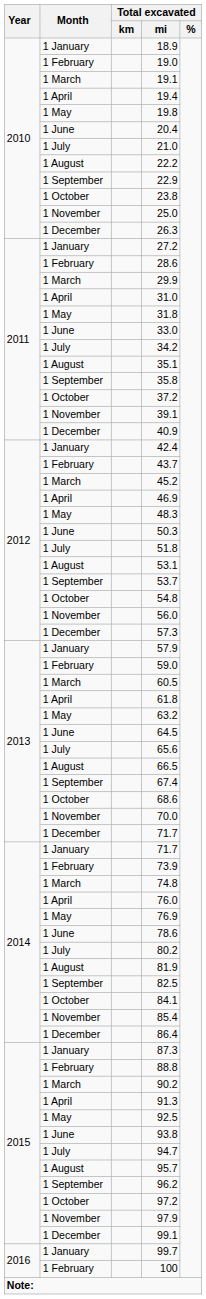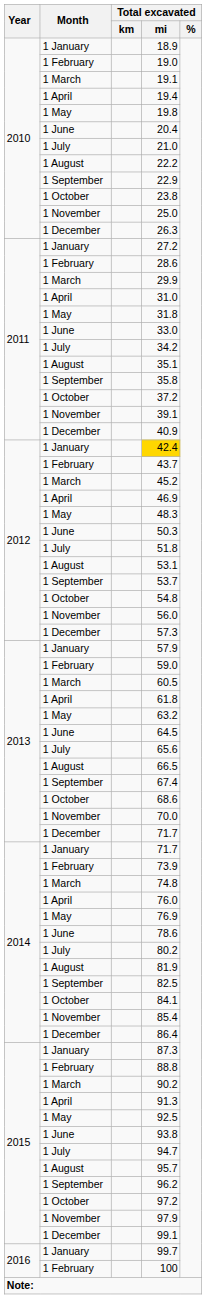 <table class="wikitable collapsible collapsed" style="min-width:300px">
 <tr>
 <th rowspan=2>Year  </th>
 <th rowspan=2>Month  </th>
 <th colspan=3>Total excavated</th>
 </tr>
 <tr>
 <th>km</th>
 <th>mi</th>
 <th>%</th>
 </tr>
 <tr>
 <td rowspan="12">2010</td>
 <td>1 January</td>
 <td></td>
 <td align="right">18.9</td>
 </tr>
 <tr>
 <td>1 February</td>
 <td></td>
 <td align="right">19.0</td>
 </tr>
 <tr>
 <td>1 March</td>
 <td></td>
 <td align="right">19.1</td>
 </tr>
 <tr>
 <td>1 April</td>
 <td></td>
 <td align="right">19.4</td>
 </tr>
 <tr>
 <td>1 May</td>
 <td></td>
 <td align="right">19.8</td>
 </tr>
 <tr>
 <td>1 June</td>
 <td></td>
 <td align="right">20.4</td>
 </tr>
 <tr>
 <td>1 July</td>
 <td></td>
 <td align="right">21.0</td>
 </tr>
 <tr>
 <td>1 August</td>
 <td></td>
 <td align="right">22.2</td>
 </tr>
 <tr>
 <td>1 September</td>
 <td></td>
 <td align="right">22.9</td>
 </tr>
 <tr>
 <td>1 October</td>
 <td></td>
 <td align="right">23.8</td>
 </tr>
 <tr>
 <td>1 November</td>
 <td></td>
 <td align="right">25.0</td>
 </tr>
 <tr>
 <td>1 December</td>
 <td></td>
 <td align="right">26.3</td>
 </tr>
 <tr>
 <td rowspan="12">2011</td>
 <td>1 January</td>
 <td></td>
 <td align="right">27.2</td>
 </tr>
 <tr>
 <td>1 February</td>
 <td></td>
 <td align="right">28.6</td>
 </tr>
 <tr>
 <td>1 March</td>
 <td></td>
 <td align="right">29.9</td>
 </tr>
 <tr>
 <td>1 April</td>
 <td></td>
 <td align="right">31.0</td>
 </tr>
 <tr>
 <td>1 May</td>
 <td></td>
 <td align="right">31.8</td>
 </tr>
 <tr>
 <td>1 June</td>
 <td></td>
 <td align="right">33.0</td>
 </tr>
 <tr>
 <td>1 July</td>
 <td></td>
 <td align="right">34.2</td>
 </tr>
 <tr>
 <td>1 August</td>
 <td></td>
 <td align="right">35.1</td>
 </tr>
 <tr>
 <td>1 September</td>
 <td></td>
 <td align="right">35.8</td>
 </tr>
 <tr>
 <td>1 October</td>
 <td></td>
 <td align="right">37.2</td>
 </tr>
 <tr>
 <td>1 November</td>
 <td></td>
 <td align="right">39.1</td>
 </tr>
 <tr>
 <td>1 December</td>
 <td></td>
 <td align="right">40.9</td>
 </tr>
 <tr>
 <td rowspan="12">2012</td>
 <td>1 January</td>
 <td></td>
-<td align="right">42.4</td>
+<td align="right" style="background: gold;">42.4</td>
 </tr>
 <tr>
 <td>1 February</td>
 <td></td>
 <td align="right">43.7</td>
 </tr>
 <tr>
 <td>1 March</td>
 <td></td>
 <td align="right">45.2</td>
 </tr>
 <tr>
 <td>1 April</td>
 <td></td>
 <td align="right">46.9</td>
 </tr>
 <tr>
 <td>1 May</td>
 <td></td>
 <td align="right">48.3</td>
 </tr>
 <tr>
 <td>1 June</td>
 <td></td>
 <td align="right">50.3</td>
 </tr>
 <tr>
 <td>1 July</td>
 <td></td>
 <td align="right">51.8</td>
 </tr>
 <tr>
 <td>1 August</td>
 <td></td>
 <td align="right">53.1</td>
 </tr>
 <tr>
 <td>1 September</td>
 <td></td>
 <td align="right">53.7</td>
 </tr>
 <tr>
 <td>1 October</td>
 <td></td>
 <td align="right">54.8</td>
 </tr>
 <tr>
 <td>1 November</td>
 <td></td>
 <td align="right">56.0</td>
 </tr>
 <tr>
 <td>1 December</td>
 <td></td>
 <td align="right">57.3</td>
 </tr>
 <tr>
 <td rowspan="12">2013</td>
 <td>1 January</td>
 <td></td>
 <td align="right">57.9</td>
 </tr>
 <tr>
 <td>1 February</td>
 <td></td>
 <td align="right">59.0</td>
 </tr>
 <tr>
 <td>1 March</td>
 <td></td>
 <td align="right">60.5</td>
 </tr>
 <tr>
 <td>1 April</td>
 <td></td>
 <td align="right">61.8</td>
 </tr>
 <tr>
 <td>1 May</td>
 <td></td>
 <td align="right">63.2</td>
 </tr>
 <tr>
 <td>1 June</td>
 <td></td>
 <td align="right">64.5</td>
 </tr>
 <tr>
 <td>1 July</td>
 <td></td>
 <td align="right">65.6</td>
 </tr>
 <tr>
 <td>1 August</td>
 <td></td>
 <td align="right">66.5</td>
 </tr>
 <tr>
 <td>1 September</td>
 <td></td>
 <td align="right">67.4</td>
 </tr>
 <tr>
 <td>1 October</td>
 <td></td>
 <td align="right">68.6</td>
 </tr>
 <tr>
 <td>1 November</td>
 <td></td>
 <td align="right">70.0</td>
 </tr>
 <tr>
 <td>1 December</td>
 <td></td>
 <td align="right">71.7</td>
 </tr>
 <tr>
 <td rowspan="12">2014</td>
 <td>1 January</td>
 <td></td>
 <td align="right">71.7</td>
 </tr>
 <tr>
 <td>1 February</td>
 <td></td>
 <td align="right">73.9</td>
 </tr>
 <tr>
 <td>1 March</td>
 <td></td>
 <td align="right">74.8</td>
 </tr>
 <tr>
 <td>1 April</td>
 <td></td>
 <td align="right">76.0</td>
 </tr>
 <tr>
 <td>1 May</td>
 <td></td>
 <td align="right">76.9</td>
 </tr>
 <tr>
 <td>1 June</td>
 <td></td>
 <td align="right">78.6</td>
 </tr>
 <tr>
 <td>1 July</td>
 <td></td>
 <td align="right">80.2</td>
 </tr>
 <tr>
 <td>1 August</td>
 <td></td>
 <td align="right">81.9</td>
 </tr>
 <tr>
 <td>1 September</td>
 <td></td>
 <td align="right">82.5</td>
 </tr>
 <tr>
 <td>1 October</td>
 <td></td>
 <td align="right">84.1</td>
 </tr>
 <tr>
 <td>1 November</td>
 <td></td>
 <td align="right">85.4</td>
 </tr>
 <tr>
 <td>1 December</td>
 <td></td>
 <td align="right">86.4</td>
 </tr>
 <tr>
 <td rowspan="12">2015</td>
 <td>1 January</td>
 <td></td>
 <td align="right">87.3</td>
 </tr>
 <tr>
 <td>1 February</td>
 <td></td>
 <td align="right">88.8</td>
 </tr>
 <tr>
 <td>1 March</td>
 <td></td>
 <td align="right">90.2</td>
 </tr>
 <tr>
 <td>1 April</td>
 <td></td>
 <td align="right">91.3</td>
 </tr>
 <tr>
 <td>1 May</td>
 <td></td>
 <td align="right">92.5</td>
 </tr>
 <tr>
 <td>1 June</td>
 <td></td>
 <td align="right">93.8</td>
 </tr>
 <tr>
 <td>1 July</td>
 <td></td>
 <td align="right">94.7</td>
 </tr>
 <tr>
 <td>1 August</td>
 <td></td>
 <td align="right">95.7</td>
 </tr>
 <tr>
 <td>1 September</td>
 <td></td>
 <td align="right">96.2</td>
 </tr>
 <tr>
 <td>1 October</td>
 <td></td>
 <td align="right">97.2</td>
 </tr>
 <tr>
 <td>1 November</td>
 <td></td>
 <td align="right">97.9</td>
 </tr>
 <tr>
 <td>1 December</td>
 <td></td>
 <td align="right">99.1</td>
 </tr>
 <tr>
 <td rowspan="2">2016</td>
 <td>1 January</td>
 <td></td>
 <td align="right">99.7</td>
 </tr>
 <tr>
 <td>1 February</td>
 <td></td>
 <td align="right">100</td>
 </tr>
 <tr>
 <td colspan=5><strong>Note:</strong><br></td>
 </tr>
 </table>
